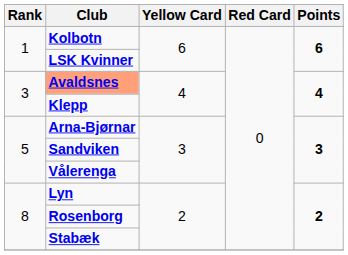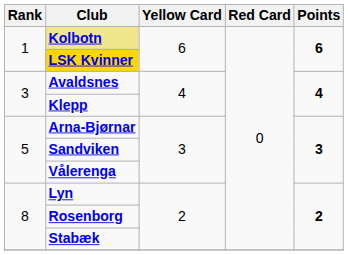 <table class="wikitable sortable" style="text-align:center">
 <tr>
 <th>Rank</th>
 <th>Club</th>
 <th>Yellow Card</th>
 <th>Red Card</th>
 <th>Points</th>
 </tr>
 <tr>
 <td rowspan=2>1</td>
-<td align="left"><strong><a href='#'>Kolbotn</a></strong></td>
+<td align="left" style="background: khaki;"><strong><a href='#'>Kolbotn</a></strong></td>
 <td rowspan=2>6</td>
 <td rowspan=10>0</td>
 <td rowspan=2><strong>6</strong></td>
 </tr>
 <tr>
-<td align="left"><strong><a href='#'>LSK Kvinner</a></strong></td>
+<td align="left" style="background: gold;"><strong><a href='#'>LSK Kvinner</a></strong></td>
 </tr>
 <tr>
 <td rowspan=2>3</td>
-<td align="left" style="background: lightsalmon;"><strong><a href='#'>Avaldsnes</a></strong></td>
+<td align="left"><strong><a href='#'>Avaldsnes</a></strong></td>
 <td rowspan=2>4</td>
 <td rowspan=2><strong>4</strong></td>
 </tr>
 <tr>
 <td align="left"><strong><a href='#'>Klepp</a></strong></td>
 </tr>
 <tr>
 <td rowspan=3>5</td>
 <td align="left"><strong><a href='#'>Arna-Bjørnar</a></strong></td>
 <td rowspan=3>3</td>
 <td rowspan=3><strong>3</strong></td>
 </tr>
 <tr>
 <td align="left"><strong><a href='#'>Sandviken</a></strong></td>
 </tr>
 <tr>
 <td align="left"><strong><a href='#'>Vålerenga</a></strong></td>
 </tr>
 <tr>
 <td rowspan=3>8</td>
 <td align="left"><strong><a href='#'>Lyn</a></strong></td>
 <td rowspan=3>2</td>
 <td rowspan=3><strong>2</strong></td>
 </tr>
 <tr>
 <td align="left"><strong><a href='#'>Rosenborg</a></strong></td>
 </tr>
 <tr>
 <td align="left"><strong><a href='#'>Stabæk</a></strong></td>
 </tr>
 <tr>
 </tr>
 </table>
